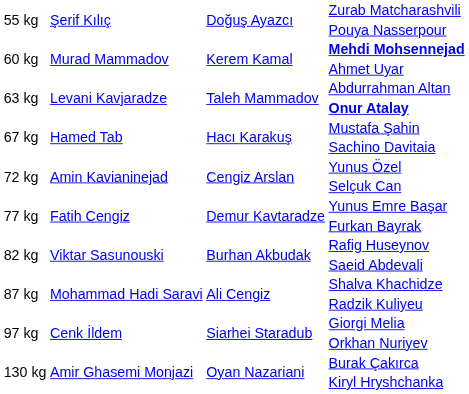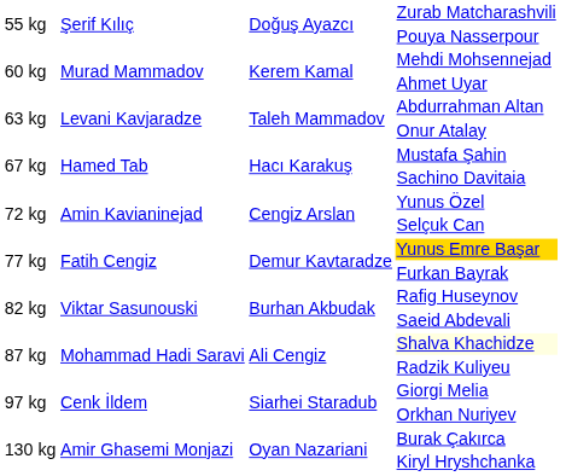 <table>
 <tr>
 <td rowspan=2>55 kg</td>
 <td rowspan=2> <a href='#'>Şerif Kılıç</a></td>
 <td rowspan=2> <a href='#'>Doğuş Ayazcı</a></td>
 <td> <a href='#'>Zurab Matcharashvili</a></td>
 </tr>
 <tr>
 <td> <a href='#'>Pouya Nasserpour</a></td>
 </tr>
 <tr>
 <td rowspan=2>60 kg</td>
 <td rowspan=2> <a href='#'>Murad Mammadov</a></td>
 <td rowspan=2> <a href='#'>Kerem Kamal</a></td>
-<td><strong> <a href='#'>Mehdi Mohsennejad</a></strong></td>
+<td> <a href='#'>Mehdi Mohsennejad</a></td>
 </tr>
 <tr>
 <td> <a href='#'>Ahmet Uyar</a></td>
 </tr>
 <tr>
 <td rowspan=2>63 kg</td>
 <td rowspan=2> <a href='#'>Levani Kavjaradze</a></td>
 <td rowspan=2> <a href='#'>Taleh Mammadov</a></td>
 <td> <a href='#'>Abdurrahman Altan</a></td>
 </tr>
 <tr>
-<td><strong> <a href='#'>Onur Atalay</a></strong></td>
+<td> <a href='#'>Onur Atalay</a></td>
 </tr>
 <tr>
 <td rowspan=2>67 kg</td>
 <td rowspan=2> <a href='#'>Hamed Tab</a></td>
 <td rowspan=2> <a href='#'>Hacı Karakuş</a></td>
 <td> <a href='#'>Mustafa Şahin</a></td>
 </tr>
 <tr>
 <td> <a href='#'>Sachino Davitaia</a></td>
 </tr>
 <tr>
 <td rowspan=2>72 kg</td>
 <td rowspan=2> <a href='#'>Amin Kavianinejad</a></td>
 <td rowspan=2> <a href='#'>Cengiz Arslan</a></td>
 <td> <a href='#'>Yunus Özel</a></td>
 </tr>
 <tr>
 <td> <a href='#'>Selçuk Can</a></td>
 </tr>
 <tr>
 <td rowspan=2>77 kg</td>
 <td rowspan=2> <a href='#'>Fatih Cengiz</a></td>
 <td rowspan=2> <a href='#'>Demur Kavtaradze</a></td>
-<td> <a href='#'>Yunus Emre Başar</a></td>
+<td style="background: gold;"> <a href='#'>Yunus Emre Başar</a></td>
 </tr>
 <tr>
 <td> <a href='#'>Furkan Bayrak</a></td>
 </tr>
 <tr>
 <td rowspan=2>82 kg</td>
 <td rowspan=2> <a href='#'>Viktar Sasunouski</a></td>
 <td rowspan=2> <a href='#'>Burhan Akbudak</a></td>
 <td> <a href='#'>Rafig Huseynov</a></td>
 </tr>
 <tr>
 <td> <a href='#'>Saeid Abdevali</a></td>
 </tr>
 <tr>
 <td rowspan=2>87 kg</td>
 <td rowspan=2> <a href='#'>Mohammad Hadi Saravi</a></td>
 <td rowspan=2> <a href='#'>Ali Cengiz</a></td>
-<td> <a href='#'>Shalva Khachidze</a></td>
+<td style="background: lightyellow;"> <a href='#'>Shalva Khachidze</a></td>
 </tr>
 <tr>
 <td> <a href='#'>Radzik Kuliyeu</a></td>
 </tr>
 <tr>
 <td rowspan=2>97 kg</td>
 <td rowspan=2> <a href='#'>Cenk İldem</a></td>
 <td rowspan=2> <a href='#'>Siarhei Staradub</a></td>
 <td> <a href='#'>Giorgi Melia</a></td>
 </tr>
 <tr>
 <td> <a href='#'>Orkhan Nuriyev</a></td>
 </tr>
 <tr>
 <td rowspan=2>130 kg</td>
 <td rowspan=2> <a href='#'>Amir Ghasemi Monjazi</a></td>
 <td rowspan=2> <a href='#'>Oyan Nazariani</a></td>
 <td> <a href='#'>Burak Çakırca</a></td>
 </tr>
 <tr>
 <td> <a href='#'>Kiryl Hryshchanka</a></td>
 </tr>
 <tr>
 </tr>
 </table>
